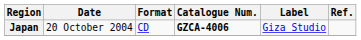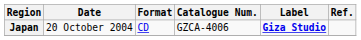 <table class="wikitable sortable plainrowheaders">
 <tr>
 <th scope="col">Region</th>
 <th scope="col">Date</th>
 <th scope="col">Format</th>
 <th scope="col">Catalogue Num.</th>
 <th scope="col">Label</th>
 <th scope="col">Ref.</th>
 </tr>
 <tr>
 <th scope="row">Japan</th>
 <td>20 October 2004</td>
 <td><a href='#'>CD</a></td>
-<td><strong>GZCA-4006</strong></td>
-<td><a href='#'>Giza Studio</a></td>
+<td>GZCA-4006</td>
+<td><strong><a href='#'>Giza Studio</a></strong></td>
 <td></td>
 </tr>
 <tr>
 </tr>
 </table>
